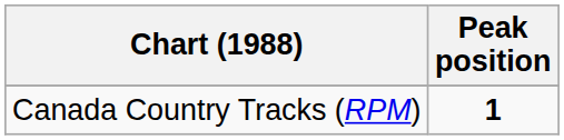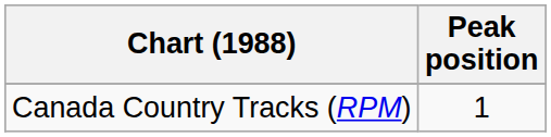 <table class="wikitable sortable">
 <tr>
 <th align="left">Chart (1988)</th>
 <th align="center">Peak<br>position</th>
 </tr>
 <tr>
 </tr>
 <tr>
 <td align="left">Canada Country Tracks (<em><a href='#'>RPM</a></em>)</td>
-<td align="center"><strong>1</strong></td>
+<td align="center">1</td>
 </tr>
 </table>
